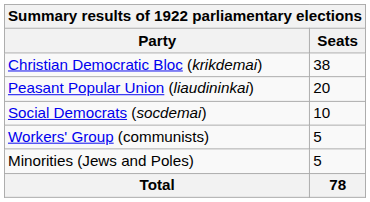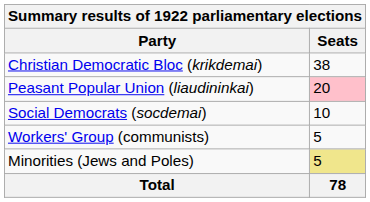 <table class="wikitable floatright">
 <tr>
 <th colspan=2>Summary results of 1922 parliamentary elections</th>
 </tr>
 <tr>
 <th>Party</th>
 <th>Seats</th>
 </tr>
 <tr>
 <td><a href='#'>Christian Democratic Bloc</a> (<em>krikdemai</em>)</td>
 <td>38</td>
 </tr>
 <tr>
 <td><a href='#'>Peasant Popular Union</a> (<em>liaudininkai</em>)</td>
-<td>20</td>
+<td style="background: pink;">20</td>
 </tr>
 <tr>
 <td><a href='#'>Social Democrats</a> (<em>socdemai</em>)</td>
 <td>10</td>
 </tr>
 <tr>
 <td><a href='#'>Workers' Group</a> (communists)</td>
 <td>5</td>
 </tr>
 <tr>
 <td>Minorities (Jews and Poles)</td>
-<td>5</td>
+<td style="background: khaki;">5</td>
 </tr>
 <tr>
 <th>Total</th>
 <th>78</th>
 </tr>
 </table>
